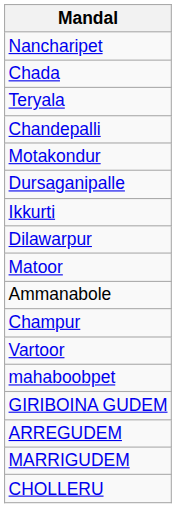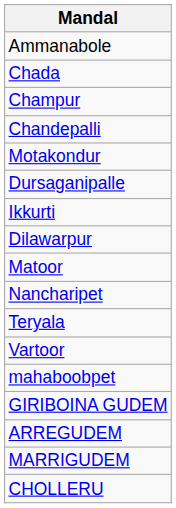 <table class="wikitable sortable static-row-numbers static-row-header-hash">
 <tr>
 <th>Mandal</th>
 </tr>
 <tr>
-<td><a href='#'>Nancharipet</a></td>
+<td>Ammanabole</td>
 </tr>
 <tr>
 <td><a href='#'>Chada</a></td>
 </tr>
 <tr>
-<td><a href='#'>Teryala</a></td>
+<td><a href='#'>Champur</a></td>
 </tr>
 <tr>
 <td><a href='#'>Chandepalli</a></td>
 </tr>
 <tr>
 <td><a href='#'>Motakondur</a></td>
 </tr>
 <tr>
 <td><a href='#'>Dursaganipalle</a></td>
 </tr>
 <tr>
 <td><a href='#'>Ikkurti</a></td>
 </tr>
 <tr>
 <td><a href='#'>Dilawarpur</a></td>
 </tr>
 <tr>
 <td><a href='#'>Matoor</a></td>
 </tr>
 <tr>
-<td>Ammanabole</td>
+<td><a href='#'>Nancharipet</a></td>
 </tr>
 <tr>
-<td><a href='#'>Champur</a></td>
+<td><a href='#'>Teryala</a></td>
 </tr>
 <tr>
 <td><a href='#'>Vartoor</a></td>
 </tr>
 <tr>
 <td><a href='#'>mahaboobpet</a></td>
 </tr>
 <tr>
 <td><a href='#'>GIRIBOINA GUDEM</a></td>
 </tr>
 <tr>
 <td><a href='#'>ARREGUDEM</a></td>
 </tr>
 <tr>
 <td><a href='#'>MARRIGUDEM</a></td>
 </tr>
 <tr>
 <td><a href='#'>CHOLLERU</a></td>
 </tr>
 </table>
